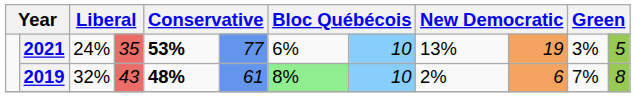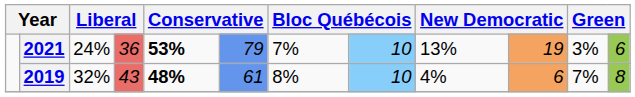 <table class="wikitable" style="width:400; font-size:90%; margin-left:1em;">
 <tr>
 <th colspan="2" scope="col">Year</th>
 <th colspan="2" scope="col"><a href='#'>Liberal</a></th>
 <th colspan="2" scope="col"><a href='#'>Conservative</a></th>
 <th colspan="2" scope="col"><a href='#'>Bloc Québécois</a></th>
 <th colspan="2" scope="col"><a href='#'>New Democratic</a></th>
 <th colspan="2" scope="col"><a href='#'>Green</a></th>
 </tr>
 <tr>
 <td rowspan="2" style="width: 0.25em; background-color: "></td>
 <th><a href='#'>2021</a></th>
 <td>24%</td>
-<td style="text-align:right; background:#EA6D6A;"><em>35</em></td>
+<td style="text-align:right; background:#EA6D6A;"><em>36</em></td>
 <td><strong>53%</strong></td>
-<td style="text-align:right; background:#6495ED;"><em>77</em></td>
-<td>6%</td>
+<td style="text-align:right; background:#6495ED;"><em>79</em></td>
+<td>7%</td>
 <td style="text-align:right; background:#87CEFA;"><em>10</em></td>
 <td>13%</td>
 <td style="text-align:right; background:#F4A460;"><em>19</em></td>
 <td>3%</td>
-<td style="text-align:right; background:#99C955;"><em>5</em></td>
+<td style="text-align:right; background:#99C955;"><em>6</em></td>
 </tr>
 <tr>
 <th><a href='#'>2019</a></th>
 <td>32%</td>
 <td style="text-align:right; background:#EA6D6A;"><em>43</em></td>
 <td><strong>48%</strong></td>
 <td style="text-align:right; background:#6495ED;"><em>61</em></td>
-<td style="background: lightgreen;">8%</td>
+<td>8%</td>
 <td style="text-align:right; background:#87CEFA;"><em>10</em></td>
-<td>2%</td>
+<td>4%</td>
 <td style="text-align:right; background:#F4A460;"><em>6</em></td>
 <td>7%</td>
 <td style="text-align:right; background:#99C955;"><em>8</em></td>
 </tr>
 <tr>
 </tr>
 </table>
